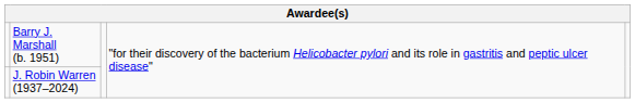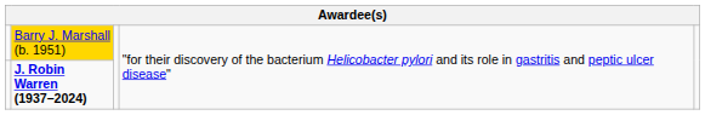 <table class="wikitable">
 <tr>
 <th colspan="5">Awardee(s)</th>
 </tr>
 <tr>
 <td></td>
-<td><a href='#'>Barry J. Marshall</a><br>(b. 1951)</td>
+<td style="background: gold;"><a href='#'>Barry J. Marshall</a><br>(b. 1951)</td>
 <td rowspan="2"></td>
 <td rowspan="2">"for their discovery of the bacterium <em><a href='#'>Helicobacter pylori</a></em> and its role in <a href='#'>gastritis</a> and <a href='#'>peptic ulcer disease</a>"</td>
 <td rowspan="2"></td>
 </tr>
 <tr>
 <td></td>
-<td><a href='#'>J. Robin Warren</a><br>(1937–2024)</td>
+<td><strong><a href='#'>J. Robin Warren</a><br>(1937–2024)</strong></td>
 </tr>
 </table>
